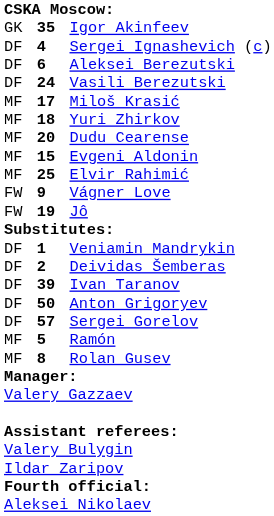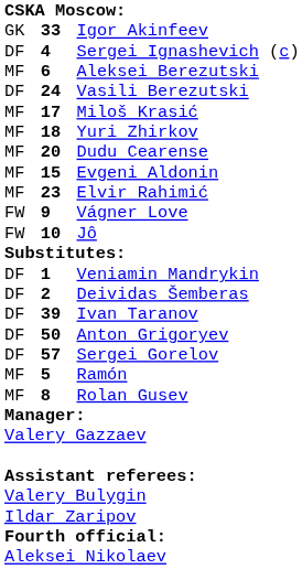 <table style="font-size: 90%" cellspacing="0" cellpadding="0">
 <tr>
 <td colspan="4"><strong>CSKA Moscow:</strong></td>
 </tr>
 <tr>
 <th width=25></th>
 <th width=25></th>
 </tr>
 <tr>
 <td>GK</td>
-<td><strong>35</strong></td>
+<td><strong>33</strong></td>
 <td> <a href='#'>Igor Akinfeev</a></td>
 </tr>
 <tr>
 <td>DF</td>
 <td><strong>4</strong></td>
 <td> <a href='#'>Sergei Ignashevich</a> (<a href='#'>c</a>)</td>
 <td></td>
 </tr>
 <tr>
-<td>DF</td>
+<td>MF</td>
 <td><strong>6</strong></td>
 <td> <a href='#'>Aleksei Berezutski</a></td>
 </tr>
 <tr>
 <td>DF</td>
 <td><strong>24</strong></td>
 <td> <a href='#'>Vasili Berezutski</a></td>
 </tr>
 <tr>
 <td>MF</td>
 <td><strong>17</strong></td>
 <td> <a href='#'>Miloš Krasić</a></td>
 <td></td>
 <td></td>
 </tr>
 <tr>
 <td>MF</td>
 <td><strong>18</strong></td>
 <td> <a href='#'>Yuri Zhirkov</a></td>
 </tr>
 <tr>
 <td>MF</td>
 <td><strong>20</strong></td>
 <td> <a href='#'>Dudu Cearense</a></td>
 </tr>
 <tr>
 <td>MF</td>
 <td><strong>15</strong></td>
 <td> <a href='#'>Evgeni Aldonin</a></td>
 <td></td>
 <td></td>
 </tr>
 <tr>
 <td>MF</td>
-<td><strong>25</strong></td>
+<td><strong>23</strong></td>
 <td> <a href='#'>Elvir Rahimić</a></td>
 </tr>
 <tr>
 <td>FW</td>
 <td><strong>9</strong></td>
 <td> <a href='#'>Vágner Love</a></td>
 <td></td>
 <td></td>
 </tr>
 <tr>
 <td>FW</td>
-<td><strong>19</strong></td>
+<td><strong>10</strong></td>
 <td> <a href='#'>Jô</a></td>
 <td></td>
 </tr>
 <tr>
 <td colspan=3><strong>Substitutes:</strong></td>
 </tr>
 <tr>
 <td>DF</td>
 <td><strong>1</strong></td>
 <td> <a href='#'>Veniamin Mandrykin</a></td>
 </tr>
 <tr>
 <td>DF</td>
 <td><strong>2</strong></td>
 <td> <a href='#'>Deividas Šemberas</a></td>
 <td></td>
 <td></td>
 </tr>
 <tr>
 <td>DF</td>
 <td><strong>39</strong></td>
 <td> <a href='#'>Ivan Taranov</a></td>
 <td></td>
 <td></td>
 </tr>
 <tr>
 <td>DF</td>
 <td><strong>50</strong></td>
 <td> <a href='#'>Anton Grigoryev</a></td>
 </tr>
 <tr>
 <td>DF</td>
 <td><strong>57</strong></td>
 <td> <a href='#'>Sergei Gorelov</a></td>
 </tr>
 <tr>
 <td>MF</td>
 <td><strong>5</strong></td>
 <td> <a href='#'>Ramón</a></td>
 <td></td>
 <td></td>
 </tr>
 <tr>
 <td>MF</td>
 <td><strong>8</strong></td>
 <td> <a href='#'>Rolan Gusev</a></td>
 </tr>
 <tr>
 <td colspan=3><strong>Manager:</strong></td>
 </tr>
 <tr>
 <td colspan=4> <a href='#'>Valery Gazzaev</a><br><br><strong>Assistant referees:</strong><br> <a href='#'>Valery Bulygin</a><br> <a href='#'>Ildar Zaripov</a> <br><strong>Fourth official:</strong><br> <a href='#'>Aleksei Nikolaev</a></td>
 </tr>
 </table>
